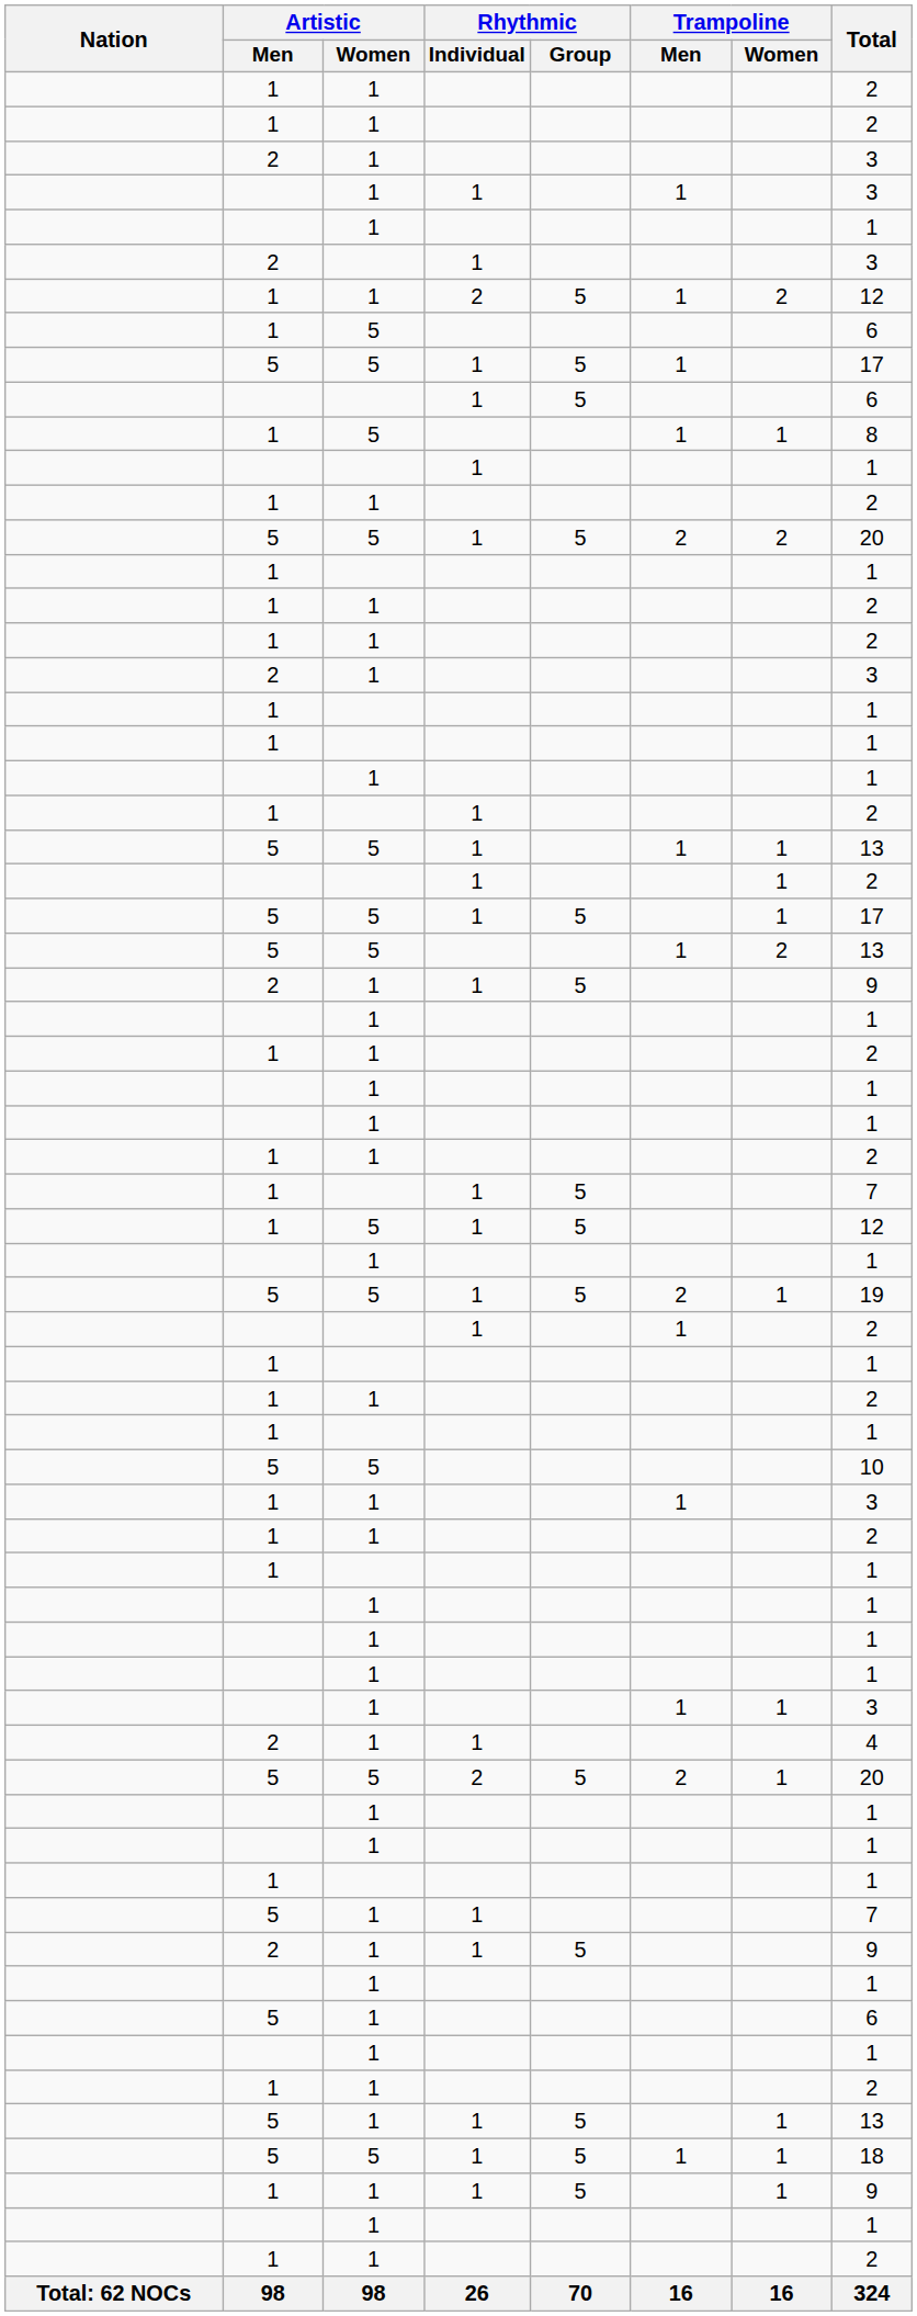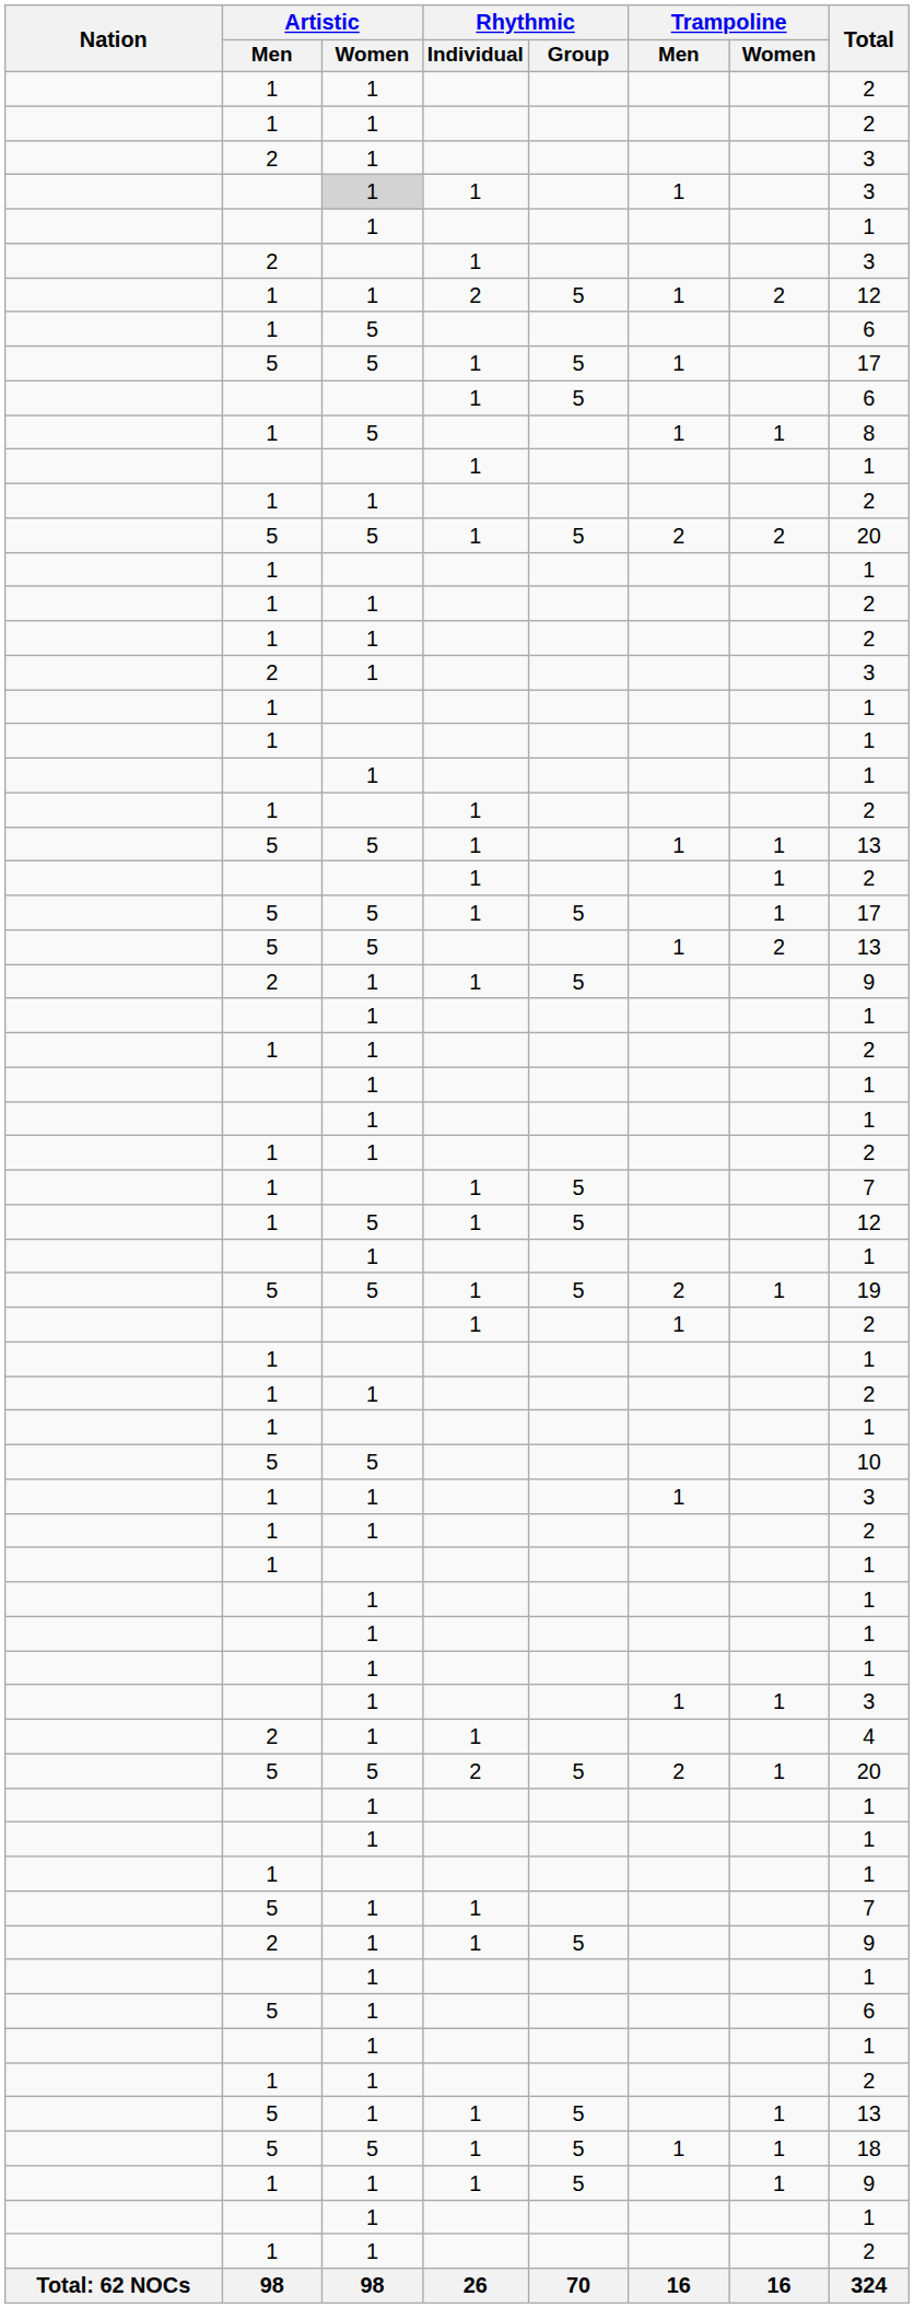 <table class="wikitable"  style="width:600px; text-align:center; font-size:90%;">
 <tr>
 <th rowspan="2" style="text-align:center;">Nation</th>
 <th colspan="2"><a href='#'>Artistic</a></th>
 <th colspan="2"><a href='#'>Rhythmic</a></th>
 <th colspan=2><a href='#'>Trampoline</a></th>
 <th rowspan="2">Total</th>
 </tr>
 <tr style="font-size:95%;">
 <th width=60>Men</th>
 <th width=60>Women</th>
 <th width=60>Individual</th>
 <th width=60>Group</th>
 <th width=60>Men</th>
 <th width=60>Women</th>
 </tr>
 <tr>
 <td style="text-align:left;"></td>
 <td>1</td>
 <td>1</td>
 <td></td>
 <td></td>
 <td></td>
 <td></td>
 <td>2</td>
 </tr>
 <tr>
 <td style="text-align:left;"></td>
 <td>1</td>
 <td>1</td>
 <td></td>
 <td></td>
 <td></td>
 <td></td>
 <td>2</td>
 </tr>
 <tr>
 <td style="text-align:left;"></td>
 <td>2</td>
 <td>1</td>
 <td></td>
 <td></td>
 <td></td>
 <td></td>
 <td>3</td>
 </tr>
 <tr>
 <td style="text-align:left;"></td>
 <td></td>
-<td>1</td>
+<td style="background: lightgrey;">1</td>
 <td>1</td>
 <td></td>
 <td>1</td>
 <td></td>
 <td>3</td>
 </tr>
 <tr>
 <td style="text-align:left;"></td>
 <td></td>
 <td>1</td>
 <td></td>
 <td></td>
 <td></td>
 <td></td>
 <td>1</td>
 </tr>
 <tr>
 <td style="text-align:left;"></td>
 <td>2</td>
 <td></td>
 <td>1</td>
 <td></td>
 <td></td>
 <td></td>
 <td>3</td>
 </tr>
 <tr>
 <td style="text-align:left;"></td>
 <td>1</td>
 <td>1</td>
 <td>2</td>
 <td>5</td>
 <td>1</td>
 <td>2</td>
 <td>12</td>
 </tr>
 <tr>
 <td style="text-align:left;"></td>
 <td>1</td>
 <td>5</td>
 <td></td>
 <td></td>
 <td></td>
 <td></td>
 <td>6</td>
 </tr>
 <tr>
 <td style="text-align:left;"></td>
 <td>5</td>
 <td>5</td>
 <td>1</td>
 <td>5</td>
 <td>1</td>
 <td></td>
 <td>17</td>
 </tr>
 <tr>
 <td style="text-align:left;"></td>
 <td></td>
 <td></td>
 <td>1</td>
 <td>5</td>
 <td></td>
 <td></td>
 <td>6</td>
 </tr>
 <tr>
 <td style="text-align:left;"></td>
 <td>1</td>
 <td>5</td>
 <td></td>
 <td></td>
 <td>1</td>
 <td>1</td>
 <td>8</td>
 </tr>
 <tr>
 <td style="text-align:left;"></td>
 <td></td>
 <td></td>
 <td>1</td>
 <td></td>
 <td></td>
 <td></td>
 <td>1</td>
 </tr>
 <tr>
 <td style="text-align:left;"></td>
 <td>1</td>
 <td>1</td>
 <td></td>
 <td></td>
 <td></td>
 <td></td>
 <td>2</td>
 </tr>
 <tr>
 <td style="text-align:left;"></td>
 <td>5</td>
 <td>5</td>
 <td>1</td>
 <td>5</td>
 <td>2</td>
 <td>2</td>
 <td>20</td>
 </tr>
 <tr>
 <td style="text-align:left;"></td>
 <td>1</td>
 <td></td>
 <td></td>
 <td></td>
 <td></td>
 <td></td>
 <td>1</td>
 </tr>
 <tr>
 <td style="text-align:left;"></td>
 <td>1</td>
 <td>1</td>
 <td></td>
 <td></td>
 <td></td>
 <td></td>
 <td>2</td>
 </tr>
 <tr>
 <td style="text-align:left;"></td>
 <td>1</td>
 <td>1</td>
 <td></td>
 <td></td>
 <td></td>
 <td></td>
 <td>2</td>
 </tr>
 <tr>
 <td style="text-align:left;"></td>
 <td>2</td>
 <td>1</td>
 <td></td>
 <td></td>
 <td></td>
 <td></td>
 <td>3</td>
 </tr>
 <tr>
 <td style="text-align:left;"></td>
 <td>1</td>
 <td></td>
 <td></td>
 <td></td>
 <td></td>
 <td></td>
 <td>1</td>
 </tr>
 <tr>
 <td style="text-align:left;"></td>
 <td>1</td>
 <td></td>
 <td></td>
 <td></td>
 <td></td>
 <td></td>
 <td>1</td>
 </tr>
 <tr>
 <td style="text-align:left;"></td>
 <td></td>
 <td>1</td>
 <td></td>
 <td></td>
 <td></td>
 <td></td>
 <td>1</td>
 </tr>
 <tr>
 <td style="text-align:left;"></td>
 <td>1</td>
 <td></td>
 <td>1</td>
 <td></td>
 <td></td>
 <td></td>
 <td>2</td>
 </tr>
 <tr>
 <td style="text-align:left;"></td>
 <td>5</td>
 <td>5</td>
 <td>1</td>
 <td></td>
 <td>1</td>
 <td>1</td>
 <td>13</td>
 </tr>
 <tr>
 <td style="text-align:left;"></td>
 <td></td>
 <td></td>
 <td>1</td>
 <td></td>
 <td></td>
 <td>1</td>
 <td>2</td>
 </tr>
 <tr>
 <td style="text-align:left;"></td>
 <td>5</td>
 <td>5</td>
 <td>1</td>
 <td>5</td>
 <td></td>
 <td>1</td>
 <td>17</td>
 </tr>
 <tr>
 <td style="text-align:left;"></td>
 <td>5</td>
 <td>5</td>
 <td></td>
 <td></td>
 <td>1</td>
 <td>2</td>
 <td>13</td>
 </tr>
 <tr>
 <td style="text-align:left;"></td>
 <td>2</td>
 <td>1</td>
 <td>1</td>
 <td>5</td>
 <td></td>
 <td></td>
 <td>9</td>
 </tr>
 <tr>
 <td style="text-align:left;"></td>
 <td></td>
 <td>1</td>
 <td></td>
 <td></td>
 <td></td>
 <td></td>
 <td>1</td>
 </tr>
 <tr>
 <td style="text-align:left;"></td>
 <td>1</td>
 <td>1</td>
 <td></td>
 <td></td>
 <td></td>
 <td></td>
 <td>2</td>
 </tr>
 <tr>
 <td style="text-align:left;"></td>
 <td></td>
 <td>1</td>
 <td></td>
 <td></td>
 <td></td>
 <td></td>
 <td>1</td>
 </tr>
 <tr>
 <td style="text-align:left;"></td>
 <td></td>
 <td>1</td>
 <td></td>
 <td></td>
 <td></td>
 <td></td>
 <td>1</td>
 </tr>
 <tr>
 <td style="text-align:left;"></td>
 <td>1</td>
 <td>1</td>
 <td></td>
 <td></td>
 <td></td>
 <td></td>
 <td>2</td>
 </tr>
 <tr>
 <td style="text-align:left;"></td>
 <td>1</td>
 <td></td>
 <td>1</td>
 <td>5</td>
 <td></td>
 <td></td>
 <td>7</td>
 </tr>
 <tr>
 <td style="text-align:left;"></td>
 <td>1</td>
 <td>5</td>
 <td>1</td>
 <td>5</td>
 <td></td>
 <td></td>
 <td>12</td>
 </tr>
 <tr>
 <td style="text-align:left;"></td>
 <td></td>
 <td>1</td>
 <td></td>
 <td></td>
 <td></td>
 <td></td>
 <td>1</td>
 </tr>
 <tr>
 <td style="text-align:left;"></td>
 <td>5</td>
 <td>5</td>
 <td>1</td>
 <td>5</td>
 <td>2</td>
 <td>1</td>
 <td>19</td>
 </tr>
 <tr>
 <td style="text-align:left;"></td>
 <td></td>
 <td></td>
 <td>1</td>
 <td></td>
 <td>1</td>
 <td></td>
 <td>2</td>
 </tr>
 <tr>
 <td style="text-align:left;"></td>
 <td>1</td>
 <td></td>
 <td></td>
 <td></td>
 <td></td>
 <td></td>
 <td>1</td>
 </tr>
 <tr>
 <td style="text-align:left;"></td>
 <td>1</td>
 <td>1</td>
 <td></td>
 <td></td>
 <td></td>
 <td></td>
 <td>2</td>
 </tr>
 <tr>
 <td style="text-align:left;"></td>
 <td>1</td>
 <td></td>
 <td></td>
 <td></td>
 <td></td>
 <td></td>
 <td>1</td>
 </tr>
 <tr>
 <td style="text-align:left;"></td>
 <td>5</td>
 <td>5</td>
 <td></td>
 <td></td>
 <td></td>
 <td></td>
 <td>10</td>
 </tr>
 <tr>
 <td style="text-align:left;"></td>
 <td>1</td>
 <td>1</td>
 <td></td>
 <td></td>
 <td>1</td>
 <td></td>
 <td>3</td>
 </tr>
 <tr>
 <td style="text-align:left;"></td>
 <td>1</td>
 <td>1</td>
 <td></td>
 <td></td>
 <td></td>
 <td></td>
 <td>2</td>
 </tr>
 <tr>
 <td style="text-align:left;"></td>
 <td>1</td>
 <td></td>
 <td></td>
 <td></td>
 <td></td>
 <td></td>
 <td>1</td>
 </tr>
 <tr>
 <td style="text-align:left;"></td>
 <td></td>
 <td>1</td>
 <td></td>
 <td></td>
 <td></td>
 <td></td>
 <td>1</td>
 </tr>
 <tr>
 <td style="text-align:left;"></td>
 <td></td>
 <td>1</td>
 <td></td>
 <td></td>
 <td></td>
 <td></td>
 <td>1</td>
 </tr>
 <tr>
 <td style="text-align:left;"></td>
 <td></td>
 <td>1</td>
 <td></td>
 <td></td>
 <td></td>
 <td></td>
 <td>1</td>
 </tr>
 <tr>
 <td style="text-align:left;"></td>
 <td></td>
 <td>1</td>
 <td></td>
 <td></td>
 <td>1</td>
 <td>1</td>
 <td>3</td>
 </tr>
 <tr>
 <td style="text-align:left;"></td>
 <td>2</td>
 <td>1</td>
 <td>1</td>
 <td></td>
 <td></td>
 <td></td>
 <td>4</td>
 </tr>
 <tr>
 <td style="text-align:left;"></td>
 <td>5</td>
 <td>5</td>
 <td>2</td>
 <td>5</td>
 <td>2</td>
 <td>1</td>
 <td>20</td>
 </tr>
 <tr>
 <td style="text-align:left;"></td>
 <td></td>
 <td>1</td>
 <td></td>
 <td></td>
 <td></td>
 <td></td>
 <td>1</td>
 </tr>
 <tr>
 <td style="text-align:left;"></td>
 <td></td>
 <td>1</td>
 <td></td>
 <td></td>
 <td></td>
 <td></td>
 <td>1</td>
 </tr>
 <tr>
 <td style="text-align:left;"></td>
 <td>1</td>
 <td></td>
 <td></td>
 <td></td>
 <td></td>
 <td></td>
 <td>1</td>
 </tr>
 <tr>
 <td style="text-align:left;"></td>
 <td>5</td>
 <td>1</td>
 <td>1</td>
 <td></td>
 <td></td>
 <td></td>
 <td>7</td>
 </tr>
 <tr>
 <td style="text-align:left;"></td>
 <td>2</td>
 <td>1</td>
 <td>1</td>
 <td>5</td>
 <td></td>
 <td></td>
 <td>9</td>
 </tr>
 <tr>
 <td style="text-align:left;"></td>
 <td></td>
 <td>1</td>
 <td></td>
 <td></td>
 <td></td>
 <td></td>
 <td>1</td>
 </tr>
 <tr>
 <td style="text-align:left;"></td>
 <td>5</td>
 <td>1</td>
 <td></td>
 <td></td>
 <td></td>
 <td></td>
 <td>6</td>
 </tr>
 <tr>
 <td style="text-align:left;"></td>
 <td></td>
 <td>1</td>
 <td></td>
 <td></td>
 <td></td>
 <td></td>
 <td>1</td>
 </tr>
 <tr>
 <td style="text-align:left;"></td>
 <td>1</td>
 <td>1</td>
 <td></td>
 <td></td>
 <td></td>
 <td></td>
 <td>2</td>
 </tr>
 <tr>
 <td style="text-align:left;"></td>
 <td>5</td>
 <td>1</td>
 <td>1</td>
 <td>5</td>
 <td></td>
 <td>1</td>
 <td>13</td>
 </tr>
 <tr>
 <td style="text-align:left;"></td>
 <td>5</td>
 <td>5</td>
 <td>1</td>
 <td>5</td>
 <td>1</td>
 <td>1</td>
 <td>18</td>
 </tr>
 <tr>
 <td style="text-align:left;"></td>
 <td>1</td>
 <td>1</td>
 <td>1</td>
 <td>5</td>
 <td></td>
 <td>1</td>
 <td>9</td>
 </tr>
 <tr>
 <td style="text-align:left;"></td>
 <td></td>
 <td>1</td>
 <td></td>
 <td></td>
 <td></td>
 <td></td>
 <td>1</td>
 </tr>
 <tr>
 <td style="text-align:left;"></td>
 <td>1</td>
 <td>1</td>
 <td></td>
 <td></td>
 <td></td>
 <td></td>
 <td>2</td>
 </tr>
 <tr>
 <th>Total: 62 NOCs</th>
 <th>98</th>
 <th>98</th>
 <th>26</th>
 <th>70</th>
 <th>16</th>
 <th>16</th>
 <th>324</th>
 </tr>
 </table>
